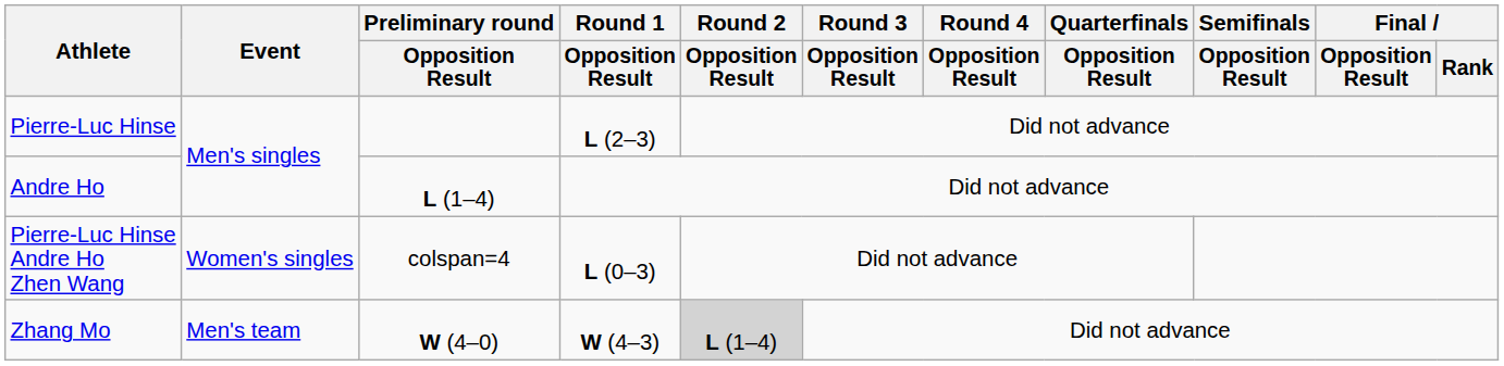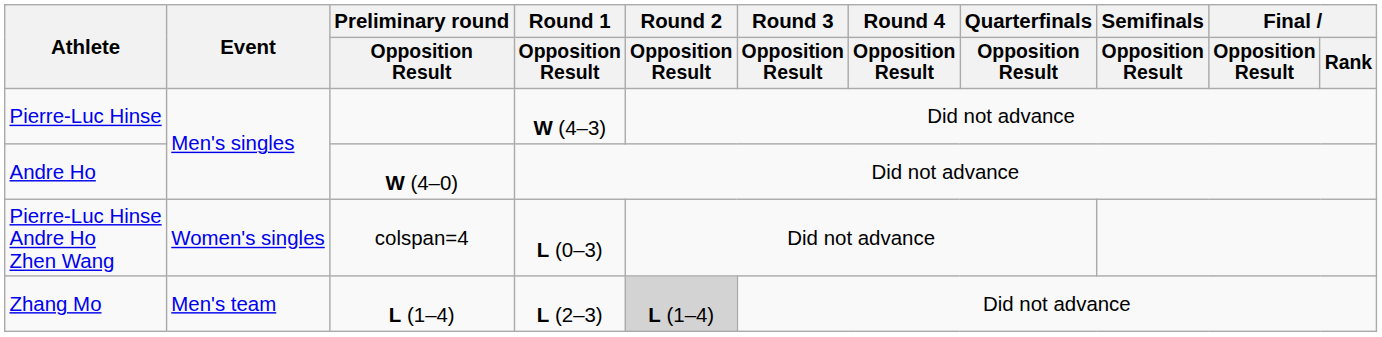 <table class="wikitable" style="font-size:90%">
 <tr>
 <th rowspan=2>Athlete</th>
 <th rowspan=2>Event</th>
 <th>Preliminary round</th>
 <th>Round 1</th>
 <th>Round 2</th>
 <th>Round 3</th>
 <th>Round 4</th>
 <th>Quarterfinals</th>
 <th>Semifinals</th>
 <th colspan=2>Final / </th>
 </tr>
 <tr style="font-size:95%">
 <th>Opposition<br>Result</th>
 <th>Opposition<br>Result</th>
 <th>Opposition<br>Result</th>
 <th>Opposition<br>Result</th>
 <th>Opposition<br>Result</th>
 <th>Opposition<br>Result</th>
 <th>Opposition<br>Result</th>
 <th>Opposition<br>Result</th>
 <th>Rank</th>
 </tr>
 <tr align=center>
 <td align=left><a href='#'>Pierre-Luc Hinse</a></td>
 <td align=left rowspan=2><a href='#'>Men's singles</a></td>
 <td></td>
-<td><br><strong>L</strong> (2–3)</td>
+<td><br><strong>W</strong> (4–3)</td>
 <td colspan=7>Did not advance</td>
 </tr>
 <tr align=center>
 <td align=left><a href='#'>Andre Ho</a></td>
-<td><br><strong>L</strong> (1–4)</td>
+<td><br><strong>W</strong> (4–0)</td>
 <td colspan=8>Did not advance</td>
 </tr>
 <tr align=center>
 <td align=left><a href='#'>Pierre-Luc Hinse</a><br><a href='#'>Andre Ho</a><br><a href='#'>Zhen Wang</a></td>
 <td align=left><a href='#'>Women's singles</a></td>
 <td>colspan=4 </td>
 <td><br><strong>L</strong> (0–3)</td>
 <td colspan=4>Did not advance</td>
 </tr>
 <tr align=center>
 <td align=left><a href='#'>Zhang Mo</a></td>
 <td align=left><a href='#'>Men's team</a></td>
-<td><br><strong>W</strong> (4–0)</td>
-<td><br><strong>W</strong> (4–3)</td>
+<td><br><strong>L</strong> (1–4)</td>
+<td><br><strong>L</strong> (2–3)</td>
 <td style="background: lightgrey;"><br><strong>L</strong> (1–4)</td>
 <td colspan=6>Did not advance</td>
 </tr>
 </table>
